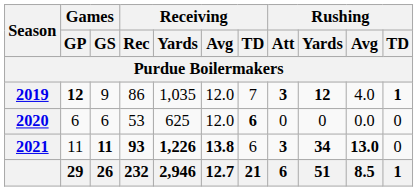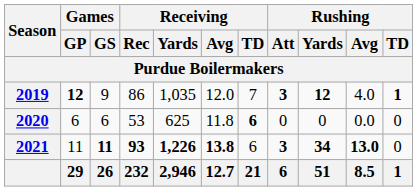 <table class="wikitable" style="text-align:center;">
 <tr>
 <th rowspan="2">Season</th>
 <th colspan="2">Games</th>
 <th colspan="4">Receiving</th>
 <th colspan="4">Rushing</th>
 </tr>
 <tr>
 <th>GP</th>
 <th>GS</th>
 <th>Rec</th>
 <th>Yards</th>
 <th>Avg</th>
 <th>TD</th>
 <th>Att</th>
 <th>Yards</th>
 <th>Avg</th>
 <th>TD</th>
 </tr>
 <tr>
 <th colspan="11">Purdue Boilermakers</th>
 </tr>
 <tr>
 <th><a href='#'>2019</a></th>
 <td><strong>12</strong></td>
 <td>9</td>
 <td>86</td>
 <td>1,035</td>
 <td>12.0</td>
 <td>7</td>
 <td><strong>3</strong></td>
 <td><strong>12</strong></td>
 <td>4.0</td>
 <td><strong>1</strong></td>
 </tr>
 <tr>
 <th><a href='#'>2020</a></th>
 <td>6</td>
 <td>6</td>
 <td>53</td>
 <td>625</td>
-<td>12.0</td>
+<td>11.8</td>
 <td><strong>6</strong></td>
 <td>0</td>
 <td>0</td>
 <td>0.0</td>
 <td>0</td>
 </tr>
 <tr>
 <th><a href='#'>2021</a></th>
 <td>11</td>
 <td><strong>11</strong></td>
 <td><strong>93</strong></td>
 <td><strong>1,226</strong></td>
 <td><strong>13.8</strong></td>
 <td>6</td>
 <td><strong>3</strong></td>
 <td><strong>34</strong></td>
 <td><strong>13.0</strong></td>
 <td>0</td>
 </tr>
 <tr>
 <th></th>
 <th>29</th>
 <th>26</th>
 <th>232</th>
 <th>2,946</th>
 <th>12.7</th>
 <th>21</th>
 <th>6</th>
 <th>51</th>
 <th>8.5</th>
 <th>1</th>
 </tr>
 </table>
